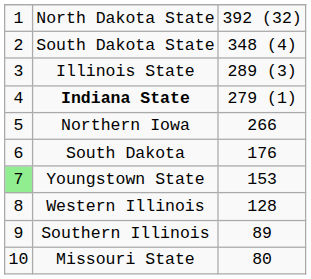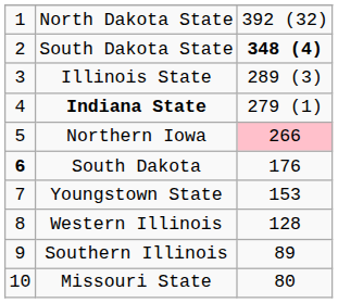 <table class="wikitable">
 <tr align="center">
 </tr>
 <tr align="center">
 <td>1</td>
 <td>North Dakota State</td>
 <td>392 (32)</td>
 </tr>
 <tr align="center">
 <td>2</td>
 <td>South Dakota State</td>
-<td>348 (4)</td>
+<td><strong>348 (4)</strong></td>
 </tr>
 <tr align="center">
 <td>3</td>
 <td>Illinois State</td>
 <td>289 (3)</td>
 </tr>
 <tr align="center">
 <td>4</td>
 <td><strong>Indiana State</strong></td>
 <td>279 (1)</td>
 </tr>
 <tr align="center">
 <td>5</td>
 <td>Northern Iowa</td>
-<td>266</td>
+<td style="background: pink;">266</td>
 </tr>
 <tr align="center">
-<td>6</td>
+<td><strong>6</strong></td>
 <td>South Dakota</td>
 <td>176</td>
 </tr>
 <tr align="center">
-<td style="background: lightgreen;">7</td>
+<td>7</td>
 <td>Youngstown State</td>
 <td>153</td>
 </tr>
 <tr align="center">
 <td>8</td>
 <td>Western Illinois</td>
 <td>128</td>
 </tr>
 <tr align="center">
 <td>9</td>
 <td>Southern Illinois</td>
 <td>89</td>
 </tr>
 <tr align="center">
 <td>10</td>
 <td>Missouri State</td>
 <td>80</td>
 </tr>
 </table>
